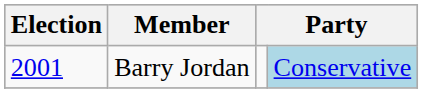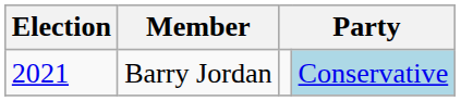 <table class="wikitable">
 <tr>
 <th>Election</th>
 <th>Member</th>
 <th colspan="2">Party</th>
 </tr>
 <tr>
-<td><a href='#'>2001</a></td>
+<td><a href='#'>2021</a></td>
 <td>Barry Jordan</td>
 <td style="background-color: "></td>
 <td style="background: lightblue;"><a href='#'>Conservative</a></td>
 </tr>
 </table>
